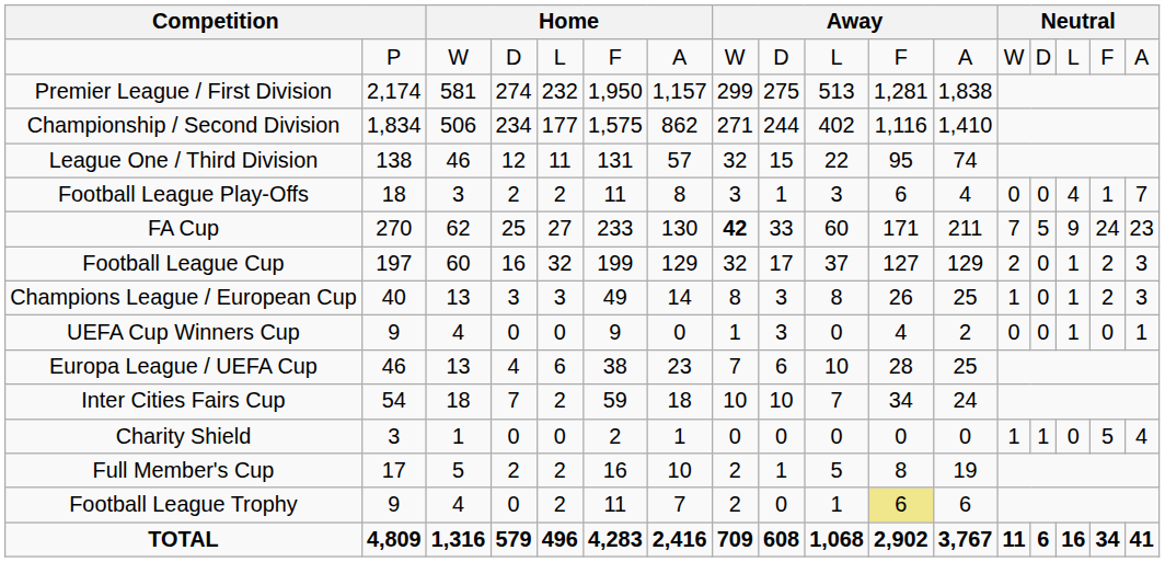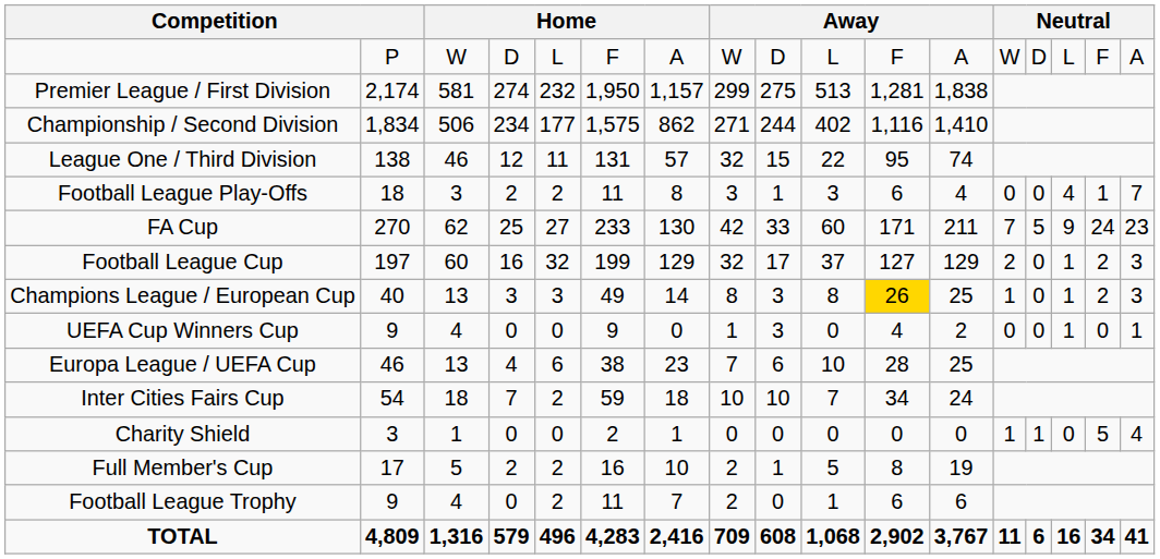 <table class="wikitable" style="text-align: center">
 <tr>
 <th colspan=2>Competition</th>
 <th colspan=5>Home</th>
 <th colspan=5>Away</th>
 <th colspan=5>Neutral</th>
 </tr>
 <tr>
 <td></td>
 <td>P</td>
 <td>W</td>
 <td>D</td>
 <td>L</td>
 <td>F</td>
 <td>A</td>
 <td>W</td>
 <td>D</td>
 <td>L</td>
 <td>F</td>
 <td>A</td>
 <td>W</td>
 <td>D</td>
 <td>L</td>
 <td>F</td>
 <td>A</td>
 </tr>
 <tr>
 <td>Premier League / First Division</td>
 <td>2,174</td>
 <td>581</td>
 <td>274</td>
 <td>232</td>
 <td>1,950</td>
 <td>1,157</td>
 <td>299</td>
 <td>275</td>
 <td>513</td>
 <td>1,281</td>
 <td>1,838</td>
 <td colspan="5"></td>
 </tr>
 <tr>
 <td>Championship / Second Division</td>
 <td>1,834</td>
 <td>506</td>
 <td>234</td>
 <td>177</td>
 <td>1,575</td>
 <td>862</td>
 <td>271</td>
 <td>244</td>
 <td>402</td>
 <td>1,116</td>
 <td>1,410</td>
 <td colspan="5"></td>
 </tr>
 <tr>
 <td>League One / Third Division</td>
 <td>138</td>
 <td>46</td>
 <td>12</td>
 <td>11</td>
 <td>131</td>
 <td>57</td>
 <td>32</td>
 <td>15</td>
 <td>22</td>
 <td>95</td>
 <td>74</td>
 <td colspan="5"></td>
 </tr>
 <tr>
 <td>Football League Play-Offs</td>
 <td>18</td>
 <td>3</td>
 <td>2</td>
 <td>2</td>
 <td>11</td>
 <td>8</td>
 <td>3</td>
 <td>1</td>
 <td>3</td>
 <td>6</td>
 <td>4</td>
 <td>0</td>
 <td>0</td>
 <td>4</td>
 <td>1</td>
 <td>7</td>
 </tr>
 <tr>
 <td>FA Cup</td>
 <td>270</td>
 <td>62</td>
 <td>25</td>
 <td>27</td>
 <td>233</td>
 <td>130</td>
-<td><strong>42</strong></td>
+<td>42</td>
 <td>33</td>
 <td>60</td>
 <td>171</td>
 <td>211</td>
 <td>7</td>
 <td>5</td>
 <td>9</td>
 <td>24</td>
 <td>23</td>
 </tr>
 <tr>
 <td>Football League Cup</td>
 <td>197</td>
 <td>60</td>
 <td>16</td>
 <td>32</td>
 <td>199</td>
 <td>129</td>
 <td>32</td>
 <td>17</td>
 <td>37</td>
 <td>127</td>
 <td>129</td>
 <td>2</td>
 <td>0</td>
 <td>1</td>
 <td>2</td>
 <td>3</td>
 </tr>
 <tr>
 <td>Champions League / European Cup</td>
 <td>40</td>
 <td>13</td>
 <td>3</td>
 <td>3</td>
 <td>49</td>
 <td>14</td>
 <td>8</td>
 <td>3</td>
 <td>8</td>
-<td>26</td>
+<td style="background: gold;">26</td>
 <td>25</td>
 <td>1</td>
 <td>0</td>
 <td>1</td>
 <td>2</td>
 <td>3</td>
 </tr>
 <tr>
 <td>UEFA Cup Winners Cup</td>
 <td>9</td>
 <td>4</td>
 <td>0</td>
 <td>0</td>
 <td>9</td>
 <td>0</td>
 <td>1</td>
 <td>3</td>
 <td>0</td>
 <td>4</td>
 <td>2</td>
 <td>0</td>
 <td>0</td>
 <td>1</td>
 <td>0</td>
 <td>1</td>
 </tr>
 <tr>
 <td>Europa League / UEFA Cup</td>
 <td>46</td>
 <td>13</td>
 <td>4</td>
 <td>6</td>
 <td>38</td>
 <td>23</td>
 <td>7</td>
 <td>6</td>
 <td>10</td>
 <td>28</td>
 <td>25</td>
 <td colspan="5"></td>
 </tr>
 <tr>
 <td>Inter Cities Fairs Cup</td>
 <td>54</td>
 <td>18</td>
 <td>7</td>
 <td>2</td>
 <td>59</td>
 <td>18</td>
 <td>10</td>
 <td>10</td>
 <td>7</td>
 <td>34</td>
 <td>24</td>
 <td colspan="5"></td>
 </tr>
 <tr>
 <td>Charity Shield</td>
 <td>3</td>
 <td>1</td>
 <td>0</td>
 <td>0</td>
 <td>2</td>
 <td>1</td>
 <td>0</td>
 <td>0</td>
 <td>0</td>
 <td>0</td>
 <td>0</td>
 <td>1</td>
 <td>1</td>
 <td>0</td>
 <td>5</td>
 <td>4</td>
 </tr>
 <tr>
 <td>Full Member's Cup</td>
 <td>17</td>
 <td>5</td>
 <td>2</td>
 <td>2</td>
 <td>16</td>
 <td>10</td>
 <td>2</td>
 <td>1</td>
 <td>5</td>
 <td>8</td>
 <td>19</td>
 <td colspan="5"></td>
 </tr>
 <tr>
 <td>Football League Trophy</td>
 <td>9</td>
 <td>4</td>
 <td>0</td>
 <td>2</td>
 <td>11</td>
 <td>7</td>
 <td>2</td>
 <td>0</td>
 <td>1</td>
-<td style="background: khaki;">6</td>
+<td>6</td>
 <td>6</td>
 <td colspan="5"></td>
 </tr>
 <tr>
 <td><strong>TOTAL</strong></td>
 <td><strong>4,809</strong></td>
 <td><strong>1,316</strong></td>
 <td><strong>579</strong></td>
 <td><strong>496</strong></td>
 <td><strong>4,283</strong></td>
 <td><strong>2,416</strong></td>
 <td><strong>709</strong></td>
 <td><strong>608</strong></td>
 <td><strong>1,068</strong></td>
 <td><strong>2,902</strong></td>
 <td><strong>3,767</strong></td>
 <td><strong>11</strong></td>
 <td><strong>6</strong></td>
 <td><strong>16</strong></td>
 <td><strong>34</strong></td>
 <td><strong>41</strong></td>
 </tr>
 </table>
